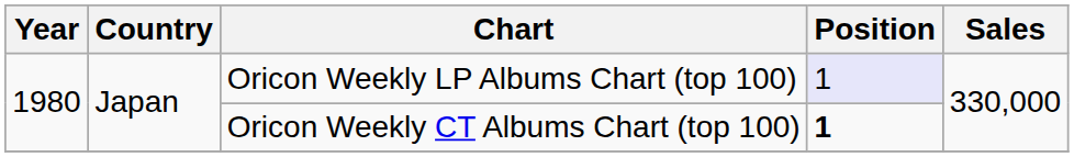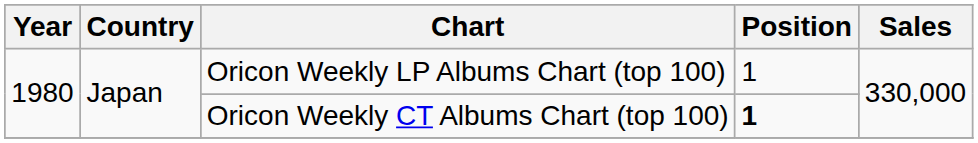 <table class="wikitable">
 <tr>
 <th>Year</th>
 <th>Country</th>
 <th>Chart</th>
 <th>Position</th>
 <th>Sales</th>
 </tr>
 <tr>
 <td rowspan=2>1980</td>
 <td rowspan=2>Japan</td>
 <td>Oricon Weekly LP Albums Chart (top 100)</td>
-<td style="background: lavender;">1</td>
+<td>1</td>
 <td rowspan=2>330,000</td>
 </tr>
 <tr>
 <td>Oricon Weekly <a href='#'>CT</a> Albums Chart (top 100)</td>
 <td><strong>1</strong></td>
 </tr>
 <tr>
 </tr>
 </table>
